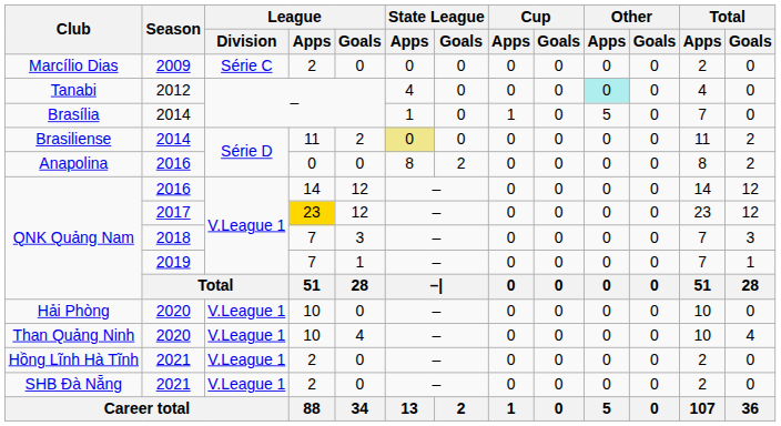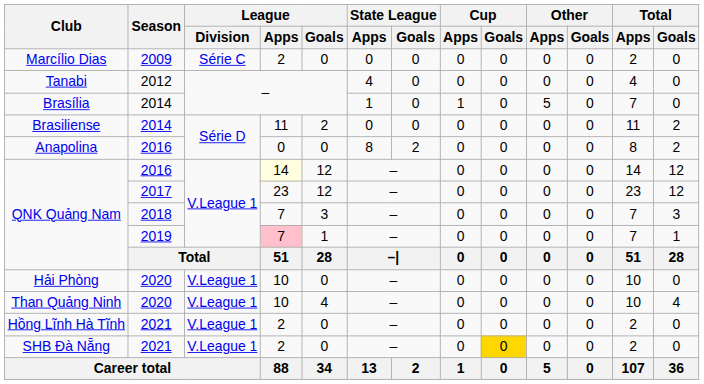 <table class="wikitable" style="text-align: center">
 <tr>
 <th rowspan="2">Club</th>
 <th rowspan="2">Season</th>
 <th colspan="3">League</th>
 <th colspan="2">State League</th>
 <th colspan="2">Cup</th>
 <th colspan="2">Other</th>
 <th colspan="2">Total</th>
 </tr>
 <tr>
 <th>Division</th>
 <th>Apps</th>
 <th>Goals</th>
 <th>Apps</th>
 <th>Goals</th>
 <th>Apps</th>
 <th>Goals</th>
 <th>Apps</th>
 <th>Goals</th>
 <th>Apps</th>
 <th>Goals</th>
 </tr>
 <tr>
 <td><a href='#'>Marcílio Dias</a></td>
 <td><a href='#'>2009</a></td>
 <td><a href='#'>Série C</a></td>
 <td>2</td>
 <td>0</td>
 <td>0</td>
 <td>0</td>
 <td>0</td>
 <td>0</td>
 <td>0</td>
 <td>0</td>
 <td>2</td>
 <td>0</td>
 </tr>
 <tr>
 <td><a href='#'>Tanabi</a></td>
 <td>2012</td>
 <td rowspan="2" colspan="3">–</td>
 <td>4</td>
 <td>0</td>
 <td>0</td>
 <td>0</td>
-<td style="background: paleturquoise;">0</td>
+<td>0</td>
 <td>0</td>
 <td>4</td>
 <td>0</td>
 </tr>
 <tr>
 <td><a href='#'>Brasília</a></td>
 <td>2014</td>
 <td>1</td>
 <td>0</td>
 <td>1</td>
 <td>0</td>
 <td>5</td>
 <td>0</td>
 <td>7</td>
 <td>0</td>
 </tr>
 <tr>
 <td><a href='#'>Brasiliense</a></td>
 <td><a href='#'>2014</a></td>
 <td rowspan="2"><a href='#'>Série D</a></td>
 <td>11</td>
 <td>2</td>
-<td style="background: khaki;">0</td>
+<td>0</td>
 <td>0</td>
 <td>0</td>
 <td>0</td>
 <td>0</td>
 <td>0</td>
 <td>11</td>
 <td>2</td>
 </tr>
 <tr>
 <td><a href='#'>Anapolina</a></td>
 <td><a href='#'>2016</a></td>
 <td>0</td>
 <td>0</td>
 <td>8</td>
 <td>2</td>
 <td>0</td>
 <td>0</td>
 <td>0</td>
 <td>0</td>
 <td>8</td>
 <td>2</td>
 </tr>
 <tr>
 <td rowspan="5"><a href='#'>QNK Quảng Nam</a></td>
 <td><a href='#'>2016</a></td>
 <td rowspan="4"><a href='#'>V.League 1</a></td>
-<td>14</td>
+<td style="background: lightyellow;">14</td>
 <td>12</td>
 <td colspan="2">–</td>
 <td>0</td>
 <td>0</td>
 <td>0</td>
 <td>0</td>
 <td>14</td>
 <td>12</td>
 </tr>
 <tr>
 <td><a href='#'>2017</a></td>
-<td style="background: gold;">23</td>
+<td>23</td>
 <td>12</td>
 <td colspan="2">–</td>
 <td>0</td>
 <td>0</td>
 <td>0</td>
 <td>0</td>
 <td>23</td>
 <td>12</td>
 </tr>
 <tr>
 <td><a href='#'>2018</a></td>
 <td>7</td>
 <td>3</td>
 <td colspan="2">–</td>
 <td>0</td>
 <td>0</td>
 <td>0</td>
 <td>0</td>
 <td>7</td>
 <td>3</td>
 </tr>
 <tr>
 <td><a href='#'>2019</a></td>
-<td>7</td>
+<td style="background: pink;">7</td>
 <td>1</td>
 <td colspan="2">–</td>
 <td>0</td>
 <td>0</td>
 <td>0</td>
 <td>0</td>
 <td>7</td>
 <td>1</td>
 </tr>
 <tr>
 <th colspan="2"><strong>Total</strong></th>
 <th>51</th>
 <th>28</th>
 <th colspan="2">–|</th>
 <th>0</th>
 <th>0</th>
 <th>0</th>
 <th>0</th>
 <th>51</th>
 <th>28</th>
 </tr>
 <tr>
 <td rowspan="1"><a href='#'>Hải Phòng</a></td>
 <td><a href='#'>2020</a></td>
 <td rowspan="1"><a href='#'>V.League 1</a></td>
 <td>10</td>
 <td>0</td>
 <td colspan="2">–</td>
 <td>0</td>
 <td>0</td>
 <td>0</td>
 <td>0</td>
 <td>10</td>
 <td>0</td>
 </tr>
 <tr>
 <td rowspan="1"><a href='#'>Than Quảng Ninh</a></td>
 <td><a href='#'>2020</a></td>
 <td rowspan="1"><a href='#'>V.League 1</a></td>
 <td>10</td>
 <td>4</td>
 <td colspan="2">–</td>
 <td>0</td>
 <td>0</td>
 <td>0</td>
 <td>0</td>
 <td>10</td>
 <td>4</td>
 </tr>
 <tr>
 <td rowspan="1"><a href='#'>Hồng Lĩnh Hà Tĩnh</a></td>
 <td><a href='#'>2021</a></td>
 <td rowspan="1"><a href='#'>V.League 1</a></td>
 <td>2</td>
 <td>0</td>
 <td colspan="2">–</td>
 <td>0</td>
 <td>0</td>
 <td>0</td>
 <td>0</td>
 <td>2</td>
 <td>0</td>
 </tr>
 <tr>
 <td rowspan="1"><a href='#'>SHB Đà Nẵng</a></td>
 <td><a href='#'>2021</a></td>
 <td rowspan="1"><a href='#'>V.League 1</a></td>
 <td>2</td>
 <td>0</td>
 <td colspan="2">–</td>
 <td>0</td>
-<td>0</td>
+<td style="background: gold;">0</td>
 <td>0</td>
 <td>0</td>
 <td>2</td>
 <td>0</td>
 </tr>
 <tr>
 <th colspan="3"><strong>Career total</strong></th>
 <th>88</th>
 <th>34</th>
 <th>13</th>
 <th>2</th>
 <th>1</th>
 <th>0</th>
 <th>5</th>
 <th>0</th>
 <th>107</th>
 <th>36</th>
 </tr>
 </table>
